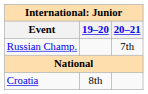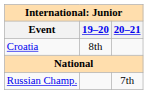 <table class="wikitable" style="text-align:center">
 <tr>
 <th colspan="3" style="background-color: #ffdead; " align="center">International: Junior</th>
 </tr>
 <tr>
 <th>Event</th>
 <th><a href='#'>19–20</a></th>
 <th><a href='#'>20–21</a></th>
 </tr>
 <tr>
-<td align=left><a href='#'>Russian Champ.</a></td>
+<td align=left> <a href='#'>Croatia</a></td>
+<td>8th</td>
 <td></td>
-<td>7th</td>
 </tr>
 <tr>
 <th colspan="3" style="background-color: #ffdead; align=center">National</th>
 </tr>
 <tr>
-<td align=left> <a href='#'>Croatia</a></td>
-<td>8th</td>
+<td align=left><a href='#'>Russian Champ.</a></td>
 <td></td>
+<td>7th</td>
 </tr>
 </table>
